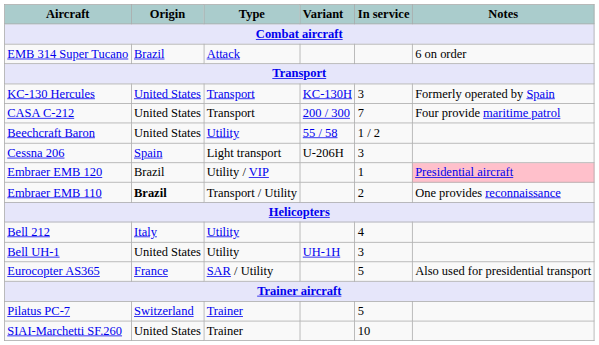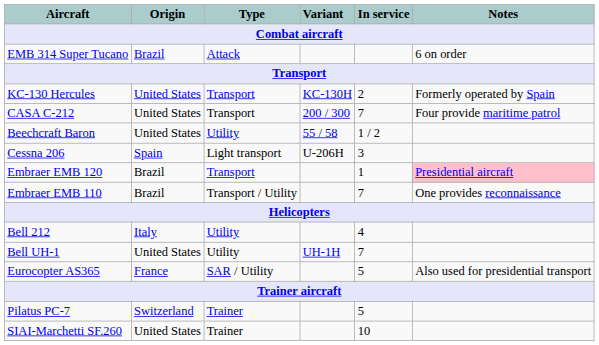 <table class="wikitable">
 <tr>
 <th style="text-align:center; background:#acc;">Aircraft</th>
 <th style="text-align: center; background:#acc;">Origin</th>
 <th style="text-align:l center; background:#acc;">Type</th>
 <th style="text-align:left; background:#acc;">Variant</th>
 <th style="text-align:center; background:#acc;">In service</th>
 <th style="text-align: center; background:#acc;">Notes</th>
 </tr>
 <tr>
 <th style="align: center; background: lavender;" colspan="7"><a href='#'>Combat aircraft</a></th>
 </tr>
 <tr>
 <td><a href='#'>EMB 314 Super Tucano</a></td>
 <td><a href='#'>Brazil</a></td>
 <td><a href='#'>Attack</a></td>
 <td></td>
 <td></td>
 <td>6 on order</td>
 </tr>
 <tr>
 <th style="align: center; background: lavender;" colspan="7"><a href='#'>Transport</a></th>
 </tr>
 <tr>
 <td><a href='#'>KC-130 Hercules</a></td>
 <td><a href='#'>United States</a></td>
 <td><a href='#'>Transport</a></td>
 <td><a href='#'>KC-130H</a></td>
-<td>3</td>
+<td>2</td>
 <td>Formerly operated by <a href='#'>Spain</a></td>
 </tr>
 <tr>
 <td><a href='#'>CASA C-212</a></td>
 <td>United States</td>
 <td>Transport</td>
 <td><a href='#'>200 / 300</a></td>
 <td>7</td>
 <td>Four provide <a href='#'>maritime patrol</a></td>
 </tr>
 <tr>
 <td><a href='#'>Beechcraft Baron</a></td>
 <td>United States</td>
 <td><a href='#'>Utility</a></td>
 <td><a href='#'>55 / 58</a></td>
 <td>1 / 2</td>
 <td></td>
 </tr>
 <tr>
 <td><a href='#'>Cessna 206</a></td>
 <td><a href='#'>Spain</a></td>
 <td>Light transport</td>
 <td>U-206H</td>
 <td>3</td>
 <td></td>
 </tr>
 <tr>
 <td><a href='#'>Embraer EMB 120</a></td>
 <td>Brazil</td>
-<td>Utility / <a href='#'>VIP</a></td>
+<td><a href='#'>Transport</a></td>
 <td></td>
 <td>1</td>
 <td style="background: pink;"><a href='#'>Presidential aircraft</a></td>
 </tr>
 <tr>
 <td><a href='#'>Embraer EMB 110</a></td>
-<td><strong>Brazil</strong></td>
+<td>Brazil</td>
 <td>Transport / Utility</td>
 <td></td>
-<td>2</td>
+<td>7</td>
 <td>One provides <a href='#'>reconnaissance</a></td>
 </tr>
 <tr>
 <th style="align: center; background: lavender;" colspan="7"><a href='#'>Helicopters</a></th>
 </tr>
 <tr>
 <td><a href='#'>Bell 212</a></td>
 <td><a href='#'>Italy</a></td>
 <td><a href='#'>Utility</a></td>
 <td></td>
 <td>4</td>
 <td></td>
 </tr>
 <tr>
 <td><a href='#'>Bell UH-1</a></td>
 <td>United States</td>
 <td>Utility</td>
 <td><a href='#'>UH-1H</a></td>
-<td>3</td>
+<td>7</td>
 <td></td>
 </tr>
 <tr>
 <td><a href='#'>Eurocopter AS365</a></td>
 <td><a href='#'>France</a></td>
 <td><a href='#'>SAR</a> / Utility</td>
 <td></td>
 <td>5</td>
 <td>Also used for presidential transport</td>
 </tr>
 <tr>
 <th style="align: center; background: lavender;" colspan="7"><a href='#'>Trainer aircraft</a></th>
 </tr>
 <tr>
 <td><a href='#'>Pilatus PC-7</a></td>
 <td><a href='#'>Switzerland</a></td>
 <td><a href='#'>Trainer</a></td>
 <td></td>
 <td>5</td>
 <td></td>
 </tr>
 <tr>
 <td><a href='#'>SIAI-Marchetti SF.260</a></td>
 <td>United States</td>
 <td>Trainer</td>
 <td></td>
 <td>10</td>
 <td></td>
 </tr>
 </table>
